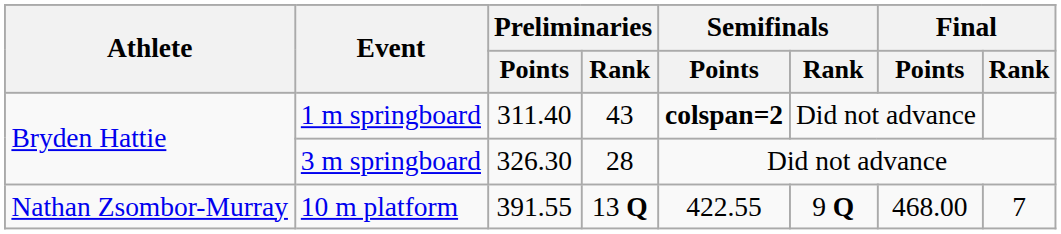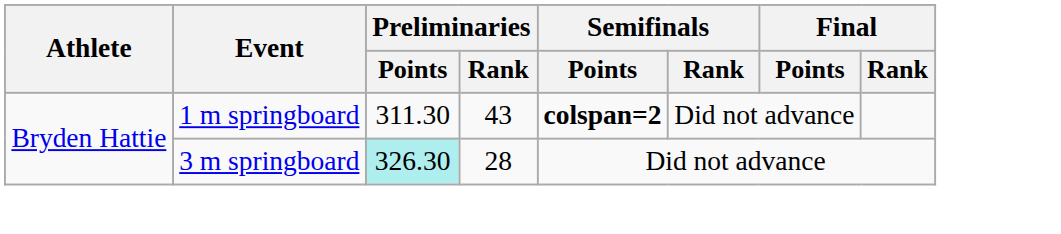 <table class="wikitable" style="text-align:center; font-size:90%;">
 <tr>
 <th rowspan=2>Athlete</th>
 <th rowspan=2>Event</th>
 <th colspan=2>Preliminaries</th>
 <th colspan=2>Semifinals</th>
 <th colspan=2>Final</th>
 </tr>
 <tr style="font-size:95%">
 <th>Points</th>
 <th>Rank</th>
 <th>Points</th>
 <th>Rank</th>
 <th>Points</th>
 <th>Rank</th>
 </tr>
 <tr>
 <td align=left rowspan=2><a href='#'>Bryden Hattie</a></td>
 <td align=left><a href='#'>1 m springboard</a></td>
-<td>311.40</td>
+<td>311.30</td>
 <td>43</td>
 <td><strong>colspan=2 </strong></td>
 <td colspan=2>Did not advance</td>
 </tr>
 <tr>
 <td align=left><a href='#'>3 m springboard</a></td>
-<td>326.30</td>
+<td style="background: paleturquoise;">326.30</td>
 <td>28</td>
 <td colspan=4>Did not advance</td>
 </tr>
-<tr>
-<td align=left><a href='#'>Nathan Zsombor-Murray</a></td>
-<td align=left><a href='#'>10 m platform</a></td>
-<td>391.55</td>
-<td>13 <strong>Q</strong></td>
-<td>422.55</td>
-<td>9 <strong>Q</strong></td>
-<td>468.00</td>
-<td>7</td>
-</tr>
 </table>
